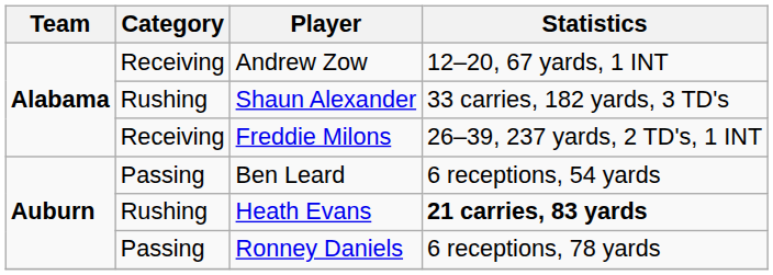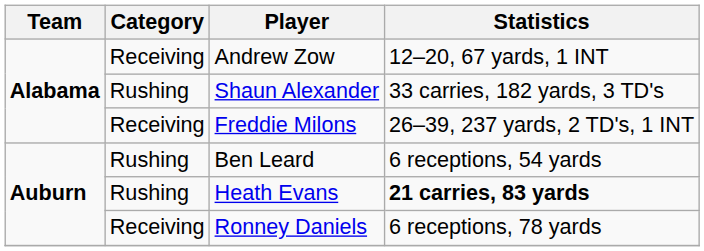 <table class="wikitable" style="float: right;">
 <tr>
 <th>Team</th>
 <th>Category</th>
 <th>Player</th>
 <th>Statistics</th>
 </tr>
 <tr>
 <td rowspan=3><strong>Alabama</strong></td>
 <td>Receiving</td>
 <td>Andrew Zow</td>
 <td>12–20, 67 yards, 1 INT</td>
 </tr>
 <tr>
 <td>Rushing</td>
 <td><a href='#'>Shaun Alexander</a></td>
 <td>33 carries, 182 yards, 3 TD's</td>
 </tr>
 <tr>
 <td>Receiving</td>
 <td><a href='#'>Freddie Milons</a></td>
 <td>26–39, 237 yards, 2 TD's, 1 INT</td>
 </tr>
 <tr>
 <td rowspan=3><strong>Auburn</strong></td>
-<td>Passing</td>
+<td>Rushing</td>
 <td>Ben Leard</td>
 <td>6 receptions, 54 yards</td>
 </tr>
 <tr>
 <td>Rushing</td>
 <td><a href='#'>Heath Evans</a></td>
 <td><strong>21 carries, 83 yards</strong></td>
 </tr>
 <tr>
-<td>Passing</td>
+<td>Receiving</td>
 <td><a href='#'>Ronney Daniels</a></td>
 <td>6 receptions, 78 yards</td>
 </tr>
 <tr>
 </tr>
 </table>
